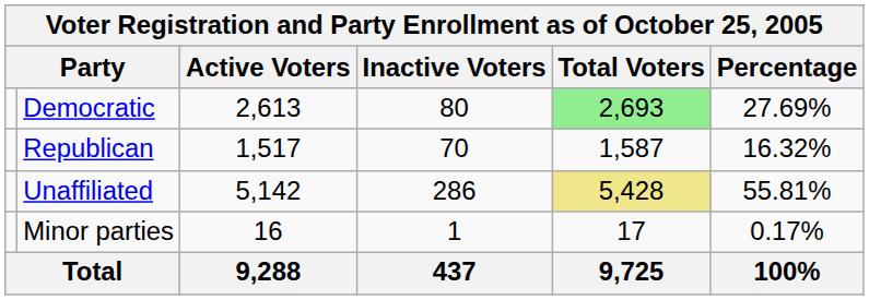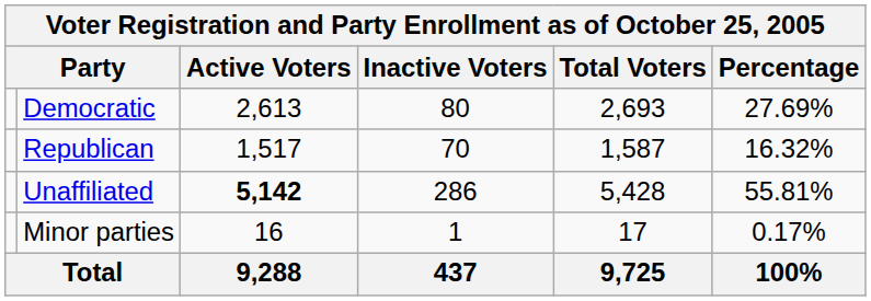 <table class=wikitable>
 <tr>
 <th colspan = 6>Voter Registration and Party Enrollment as of October 25, 2005</th>
 </tr>
 <tr>
 <th colspan = 2>Party</th>
 <th>Active Voters</th>
 <th>Inactive Voters</th>
 <th>Total Voters</th>
 <th>Percentage</th>
 </tr>
 <tr>
 <td></td>
 <td><a href='#'>Democratic</a></td>
 <td align = center>2,613</td>
 <td align = center>80</td>
-<td align = center style="background: lightgreen;">2,693</td>
+<td align = center>2,693</td>
 <td align = center>27.69%</td>
 </tr>
 <tr>
 <td></td>
 <td><a href='#'>Republican</a></td>
 <td align = center>1,517</td>
 <td align = center>70</td>
 <td align = center>1,587</td>
 <td align = center>16.32%</td>
 </tr>
 <tr>
 <td></td>
 <td><a href='#'>Unaffiliated</a></td>
-<td align = center>5,142</td>
+<td align = center><strong>5,142</strong></td>
 <td align = center>286</td>
-<td align = center style="background: khaki;">5,428</td>
+<td align = center>5,428</td>
 <td align = center>55.81%</td>
 </tr>
 <tr>
 <td></td>
 <td>Minor parties</td>
 <td align = center>16</td>
 <td align = center>1</td>
 <td align = center>17</td>
 <td align = center>0.17%</td>
 </tr>
 <tr>
 <th colspan = 2>Total</th>
 <th align = center>9,288</th>
 <th align = center>437</th>
 <th align = center>9,725</th>
 <th align = center>100%</th>
 </tr>
 </table>
